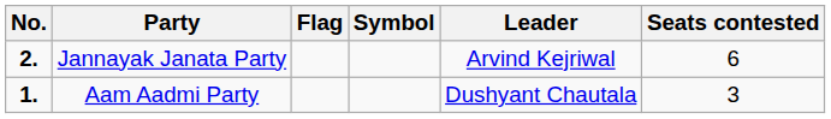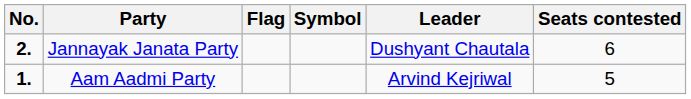 <table class="wikitable">
 <tr>
 <th>No.</th>
 <th>Party</th>
 <th>Flag</th>
 <th>Symbol</th>
 <th>Leader</th>
 <th>Seats contested</th>
 </tr>
 <tr>
 <td ! style="text-align:center; background:"><strong>2.</strong></td>
 <td style="text-align:center"><a href='#'>Jannayak Janata Party</a></td>
 <td></td>
 <td></td>
-<td style="text-align:center"><a href='#'>Arvind Kejriwal</a></td>
+<td style="text-align:center"><a href='#'>Dushyant Chautala</a></td>
 <td style="text-align:center">6</td>
 </tr>
 <tr>
 <td ! style="text-align:center; background:"><strong>1.</strong></td>
 <td style="text-align:center"><a href='#'>Aam Aadmi Party</a></td>
 <td></td>
 <td></td>
-<td style="text-align:center"><a href='#'>Dushyant Chautala</a></td>
-<td style="text-align:center">3</td>
+<td style="text-align:center"><a href='#'>Arvind Kejriwal</a></td>
+<td style="text-align:center">5</td>
 </tr>
 </table>
